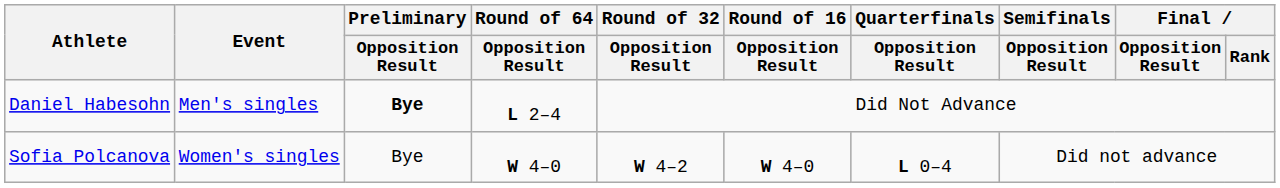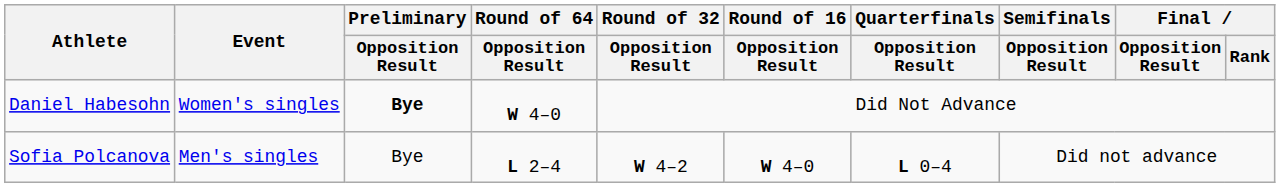 <table class=wikitable style=font-size:90%;text-align:center>
 <tr>
 <th rowspan=2>Athlete</th>
 <th rowspan=2>Event</th>
 <th>Preliminary</th>
 <th>Round of 64</th>
 <th>Round of 32</th>
 <th>Round of 16</th>
 <th>Quarterfinals</th>
 <th>Semifinals</th>
 <th colspan=2>Final / </th>
 </tr>
 <tr style=font-size:95%>
 <th>Opposition<br>Result</th>
 <th>Opposition<br>Result</th>
 <th>Opposition<br>Result</th>
 <th>Opposition<br>Result</th>
 <th>Opposition<br>Result</th>
 <th>Opposition<br>Result</th>
 <th>Opposition<br>Result</th>
 <th>Rank</th>
 </tr>
 <tr>
 <td align=left><a href='#'>Daniel Habesohn</a></td>
-<td align=left><a href='#'>Men's singles</a></td>
+<td align=left><a href='#'>Women's singles</a></td>
 <td><strong>Bye</strong></td>
-<td><br><strong>L</strong> 2–4</td>
+<td><br><strong>W</strong> 4–0</td>
 <td colspan="6">Did Not Advance</td>
 </tr>
 <tr>
 <td align=left><a href='#'>Sofia Polcanova</a></td>
-<td align=left><a href='#'>Women's singles</a></td>
+<td align=left><a href='#'>Men's singles</a></td>
 <td>Bye</td>
-<td><br><strong>W</strong> 4–0</td>
+<td><br><strong>L</strong> 2–4</td>
 <td><br><strong>W</strong> 4–2</td>
 <td><br><strong>W</strong> 4–0</td>
 <td><br><strong>L</strong> 0–4</td>
 <td colspan=3>Did not advance</td>
 </tr>
 </table>
